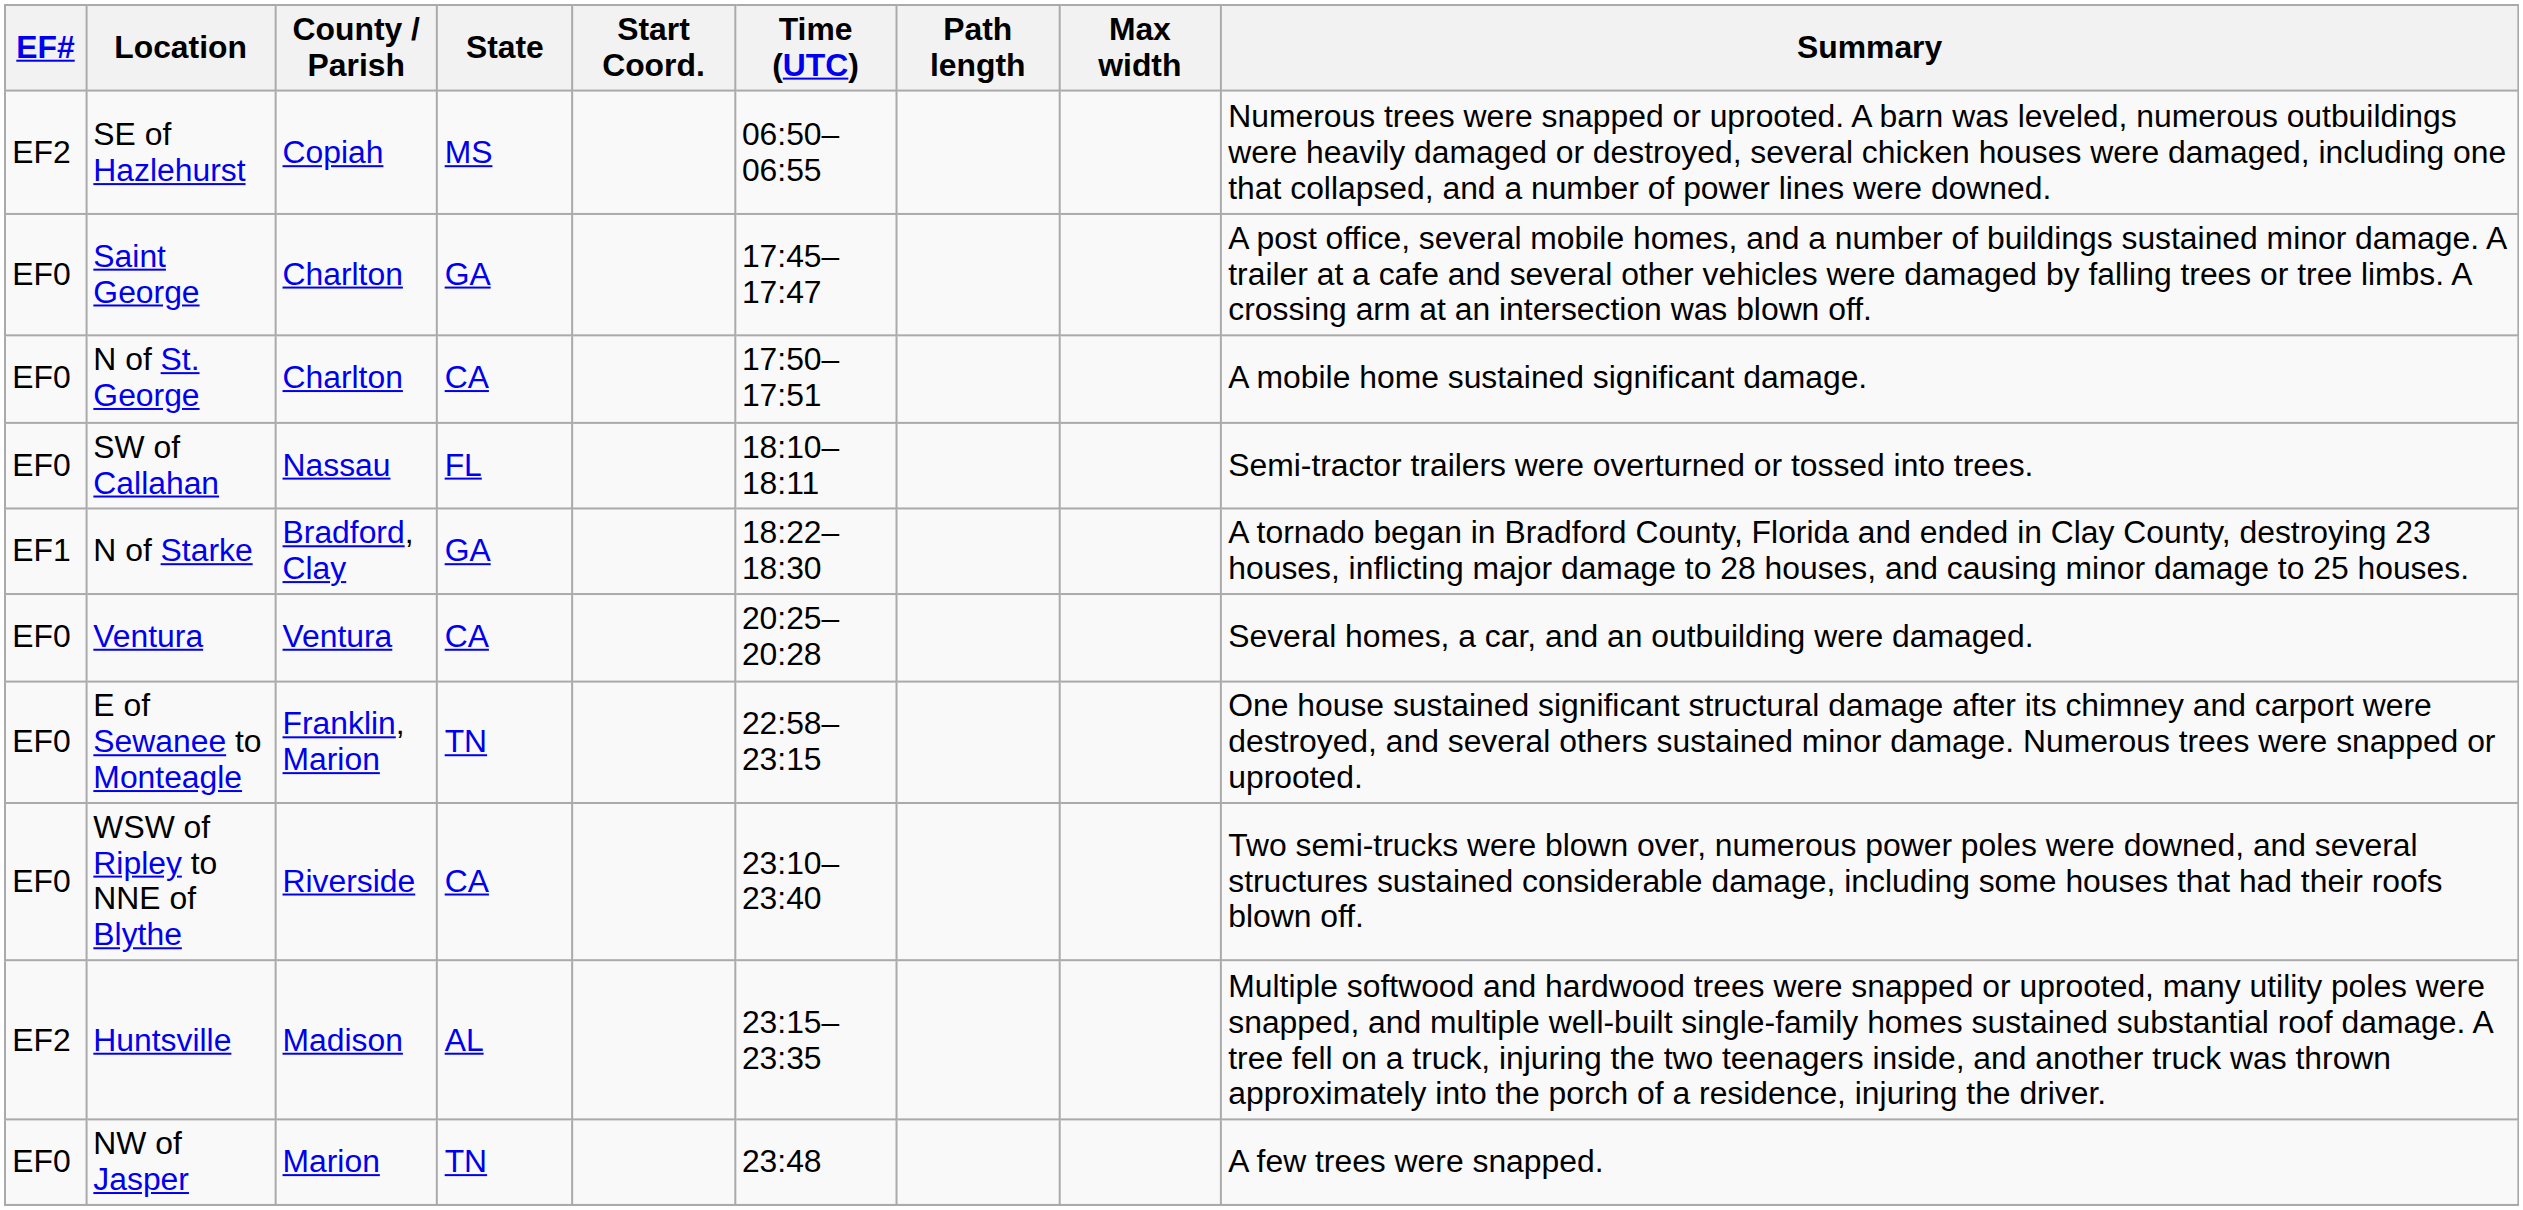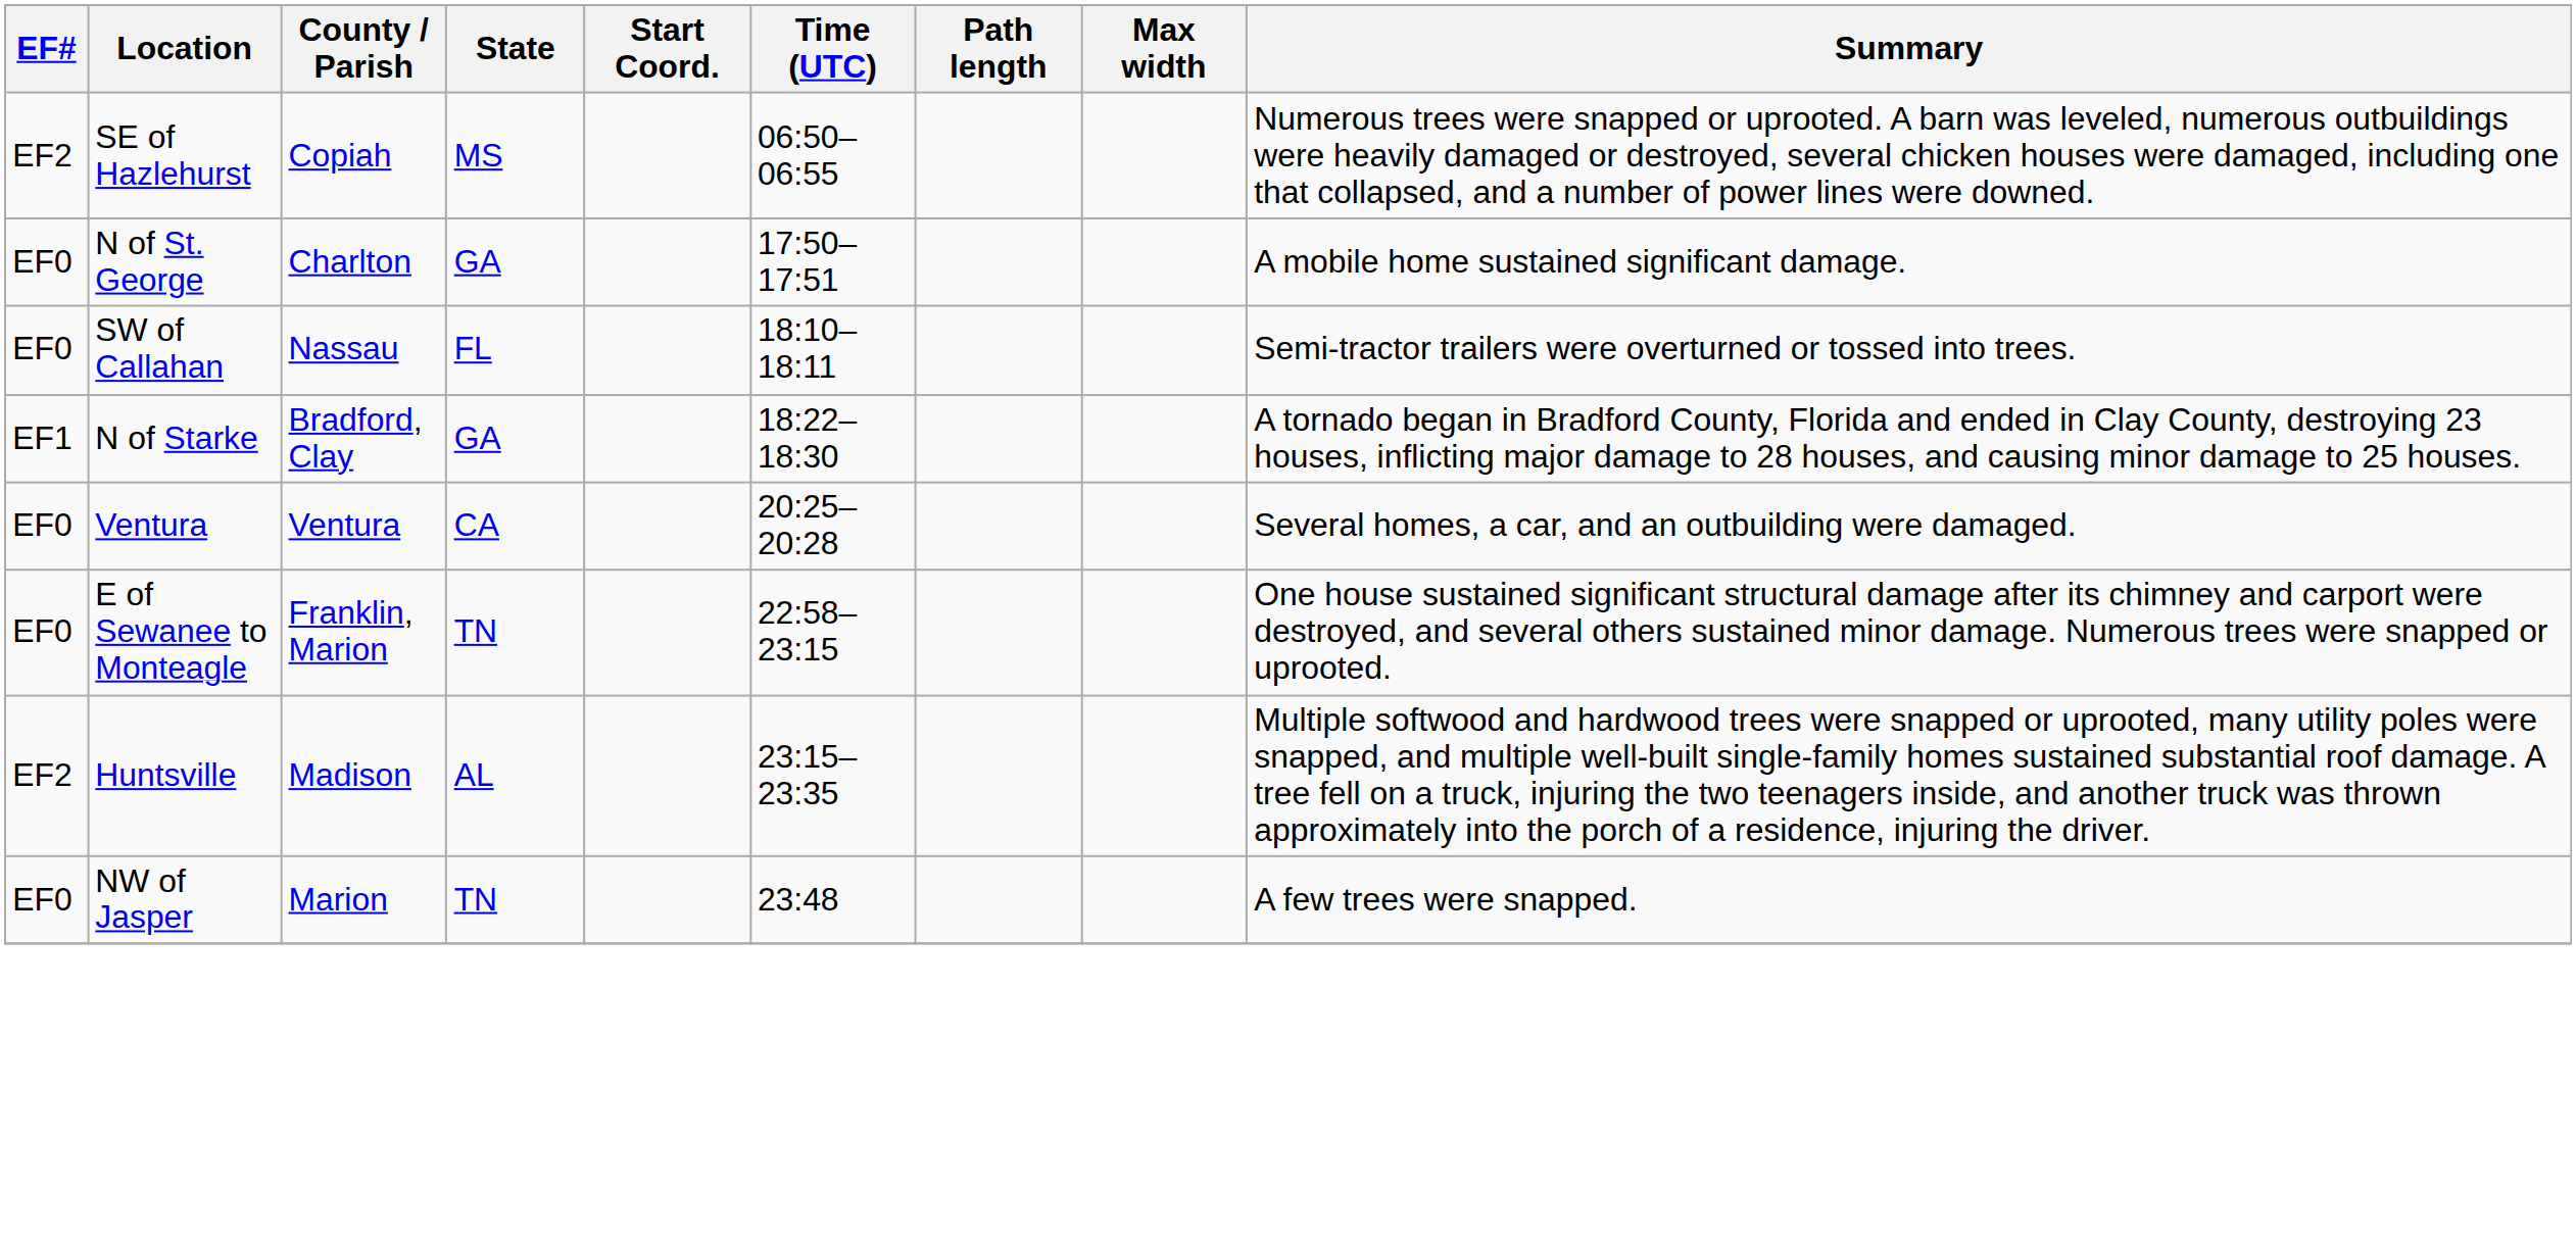 <table class="wikitable sortable" style="width:100%;">
 <tr>
 <th scope="col" width="3%" align="center"><a href='#'>EF#</a></th>
 <th scope="col" width="7%" align="center" class="unsortable">Location</th>
 <th scope="col" width="6%" align="center" class="unsortable">County / Parish</th>
 <th scope="col" width="5%" align="center">State</th>
 <th scope="col" width="6%" align="center">Start Coord.</th>
 <th scope="col" width="6%" align="center">Time (<a href='#'>UTC</a>)</th>
 <th scope="col" width="6%" align="center">Path length</th>
 <th scope="col" width="6%" align="center">Max width</th>
 <th scope="col" width="48%" class="unsortable" align="center">Summary</th>
 </tr>
 <tr>
 <td>EF2</td>
 <td>SE of <a href='#'>Hazlehurst</a></td>
 <td><a href='#'>Copiah</a></td>
 <td><a href='#'>MS</a></td>
 <td></td>
 <td>06:50–06:55</td>
 <td></td>
 <td></td>
 <td>Numerous trees were snapped or uprooted. A barn was leveled, numerous outbuildings were heavily damaged or destroyed, several chicken houses were damaged, including one that collapsed, and a number of power lines were downed.</td>
 </tr>
 <tr>
 <td>EF0</td>
-<td><a href='#'>Saint George</a></td>
+<td>N of <a href='#'>St. George</a></td>
 <td><a href='#'>Charlton</a></td>
 <td><a href='#'>GA</a></td>
-<td></td>
-<td>17:45–17:47</td>
-<td></td>
-<td></td>
-<td>A post office, several mobile homes, and a number of buildings sustained minor damage. A trailer at a cafe and several other vehicles were damaged by falling trees or tree limbs. A crossing arm at an intersection was blown off.</td>
-</tr>
-<tr>
-<td>EF0</td>
-<td>N of <a href='#'>St. George</a></td>
-<td><a href='#'>Charlton</a></td>
-<td><a href='#'>CA</a></td>
 <td></td>
 <td>17:50–17:51</td>
 <td></td>
 <td></td>
 <td>A mobile home sustained significant damage.</td>
 </tr>
 <tr>
 <td>EF0</td>
 <td>SW of <a href='#'>Callahan</a></td>
 <td><a href='#'>Nassau</a></td>
 <td><a href='#'>FL</a></td>
 <td></td>
 <td>18:10–18:11</td>
 <td></td>
 <td></td>
 <td>Semi-tractor trailers were overturned or tossed into trees.</td>
 </tr>
 <tr>
 <td>EF1</td>
 <td>N of <a href='#'>Starke</a></td>
 <td><a href='#'>Bradford</a>, <a href='#'>Clay</a></td>
 <td><a href='#'>GA</a></td>
 <td></td>
 <td>18:22–18:30</td>
 <td></td>
 <td></td>
 <td>A tornado began in Bradford County, Florida and ended in Clay County, destroying 23 houses, inflicting major damage to 28 houses, and causing minor damage to 25 houses.</td>
 </tr>
 <tr>
 <td>EF0</td>
 <td><a href='#'>Ventura</a></td>
 <td><a href='#'>Ventura</a></td>
 <td><a href='#'>CA</a></td>
 <td></td>
 <td>20:25–20:28</td>
 <td></td>
 <td></td>
 <td>Several homes, a car, and an outbuilding were damaged.</td>
 </tr>
 <tr>
 <td>EF0</td>
 <td>E of <a href='#'>Sewanee</a> to <a href='#'>Monteagle</a></td>
 <td><a href='#'>Franklin</a>, <a href='#'>Marion</a></td>
 <td><a href='#'>TN</a></td>
 <td></td>
 <td>22:58–23:15</td>
 <td></td>
 <td></td>
 <td>One house sustained significant structural damage after its chimney and carport were destroyed, and several others sustained minor damage. Numerous trees were snapped or uprooted.</td>
 </tr>
 <tr>
-<td>EF0</td>
-<td>WSW of <a href='#'>Ripley</a> to NNE of <a href='#'>Blythe</a></td>
-<td><a href='#'>Riverside</a></td>
-<td><a href='#'>CA</a></td>
-<td></td>
-<td>23:10–23:40</td>
-<td></td>
-<td></td>
-<td>Two semi-trucks were blown over, numerous power poles were downed, and several structures sustained considerable damage, including some houses that had their roofs blown off.</td>
-</tr>
-<tr>
 <td>EF2</td>
 <td><a href='#'>Huntsville</a></td>
 <td><a href='#'>Madison</a></td>
 <td><a href='#'>AL</a></td>
 <td></td>
 <td>23:15–23:35</td>
 <td></td>
 <td></td>
 <td>Multiple softwood and hardwood trees were snapped or uprooted, many utility poles were snapped, and multiple well-built single-family homes sustained substantial roof damage. A tree fell on a truck, injuring the two teenagers inside, and another truck was thrown approximately  into the porch of a residence, injuring the driver.</td>
 </tr>
 <tr>
 <td>EF0</td>
 <td>NW of <a href='#'>Jasper</a></td>
 <td><a href='#'>Marion</a></td>
 <td><a href='#'>TN</a></td>
 <td></td>
 <td>23:48</td>
 <td></td>
 <td></td>
 <td>A few trees were snapped.</td>
 </tr>
 <tr>
 </tr>
 </table>
